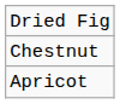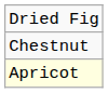 <table class="wikitable">
 <tr>
 <td>Dried Fig</td>
 </tr>
 <tr>
 <td>Chestnut</td>
 </tr>
 <tr>
-<td>Apricot</td>
+<td style="background: lightyellow;">Apricot</td>
 </tr>
 </table>
